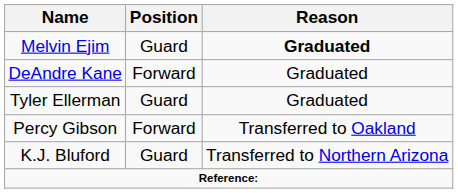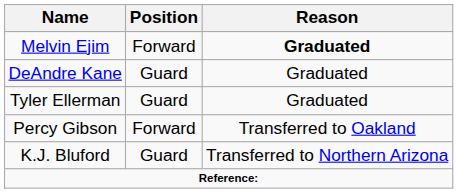 <table class="wikitable" style="text-align: center">
 <tr align=center>
 <th>Name</th>
 <th>Position</th>
 <th>Reason</th>
 </tr>
 <tr>
 <td><a href='#'>Melvin Ejim</a></td>
-<td>Guard</td>
+<td>Forward</td>
 <td><strong>Graduated</strong></td>
 </tr>
 <tr>
 <td><a href='#'>DeAndre Kane</a></td>
-<td>Forward</td>
+<td>Guard</td>
 <td>Graduated</td>
 </tr>
 <tr>
 <td>Tyler Ellerman</td>
 <td>Guard</td>
 <td>Graduated</td>
 </tr>
 <tr>
 <td>Percy Gibson</td>
 <td>Forward</td>
 <td>Transferred to <a href='#'>Oakland</a></td>
 </tr>
 <tr>
 <td>K.J. Bluford</td>
 <td>Guard</td>
 <td>Transferred to <a href='#'>Northern Arizona</a></td>
 </tr>
 <tr>
 <td colspan="6"  style="font-size:8pt; text-align:center;"><strong>Reference:</strong></td>
 </tr>
 </table>
